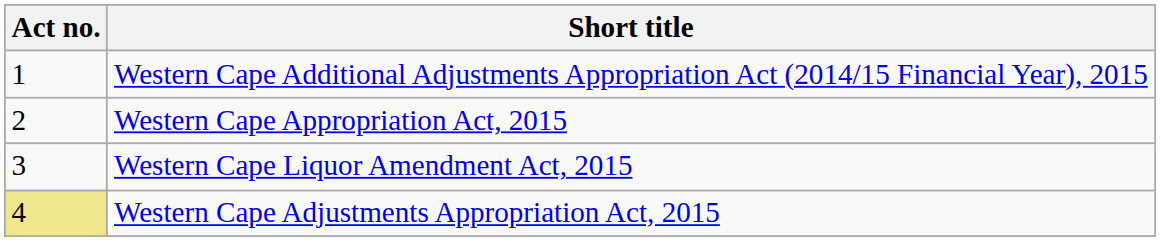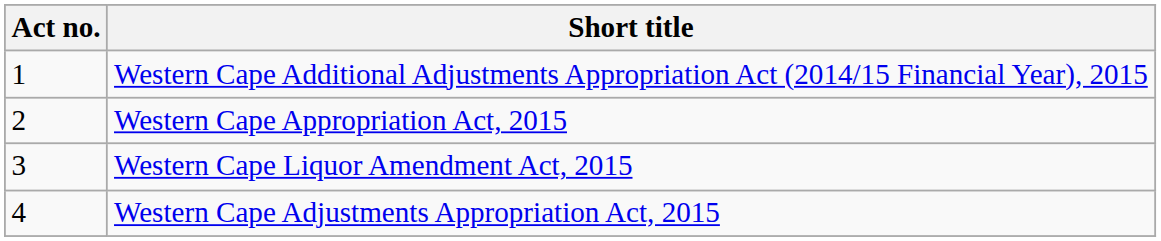 <table class=wikitable sortable>
 <tr>
 <th>Act no.</th>
 <th>Short title</th>
 </tr>
 <tr>
 <td>1</td>
 <td><a href='#'>Western Cape Additional Adjustments Appropriation Act (2014/15 Financial Year), 2015</a></td>
 </tr>
 <tr>
 <td>2</td>
 <td><a href='#'>Western Cape Appropriation Act, 2015</a></td>
 </tr>
 <tr>
 <td>3</td>
 <td><a href='#'>Western Cape Liquor Amendment Act, 2015</a></td>
 </tr>
 <tr>
-<td style="background: khaki;">4</td>
+<td>4</td>
 <td><a href='#'>Western Cape Adjustments Appropriation Act, 2015</a></td>
 </tr>
 </table>
